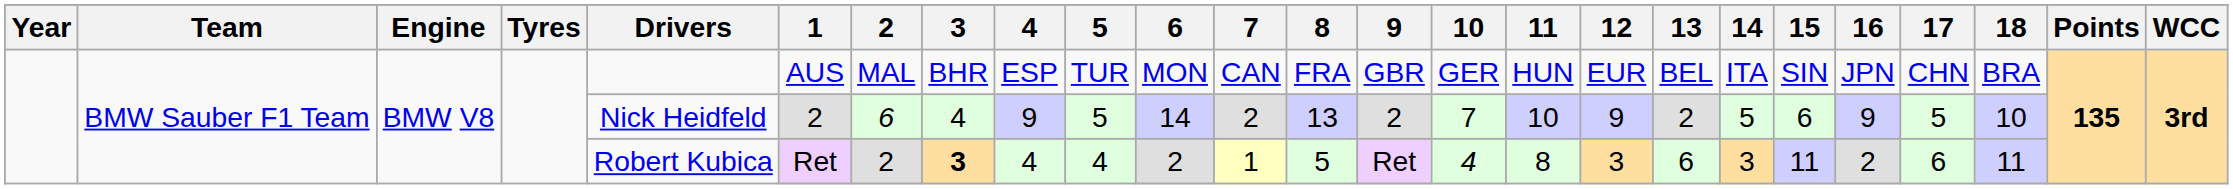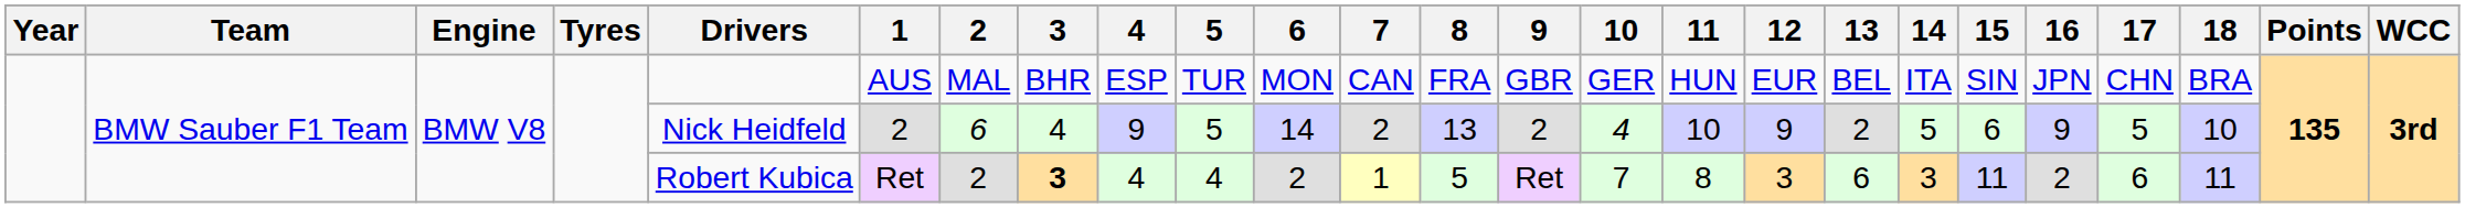 <table class="wikitable" style="text-align:center; font-size:95%">
 <tr>
 <th>Year</th>
 <th>Team</th>
 <th>Engine</th>
 <th>Tyres</th>
 <th>Drivers</th>
 <th>1</th>
 <th>2</th>
 <th>3</th>
 <th>4</th>
 <th>5</th>
 <th>6</th>
 <th>7</th>
 <th>8</th>
 <th>9</th>
 <th>10</th>
 <th>11</th>
 <th>12</th>
 <th>13</th>
 <th>14</th>
 <th>15</th>
 <th>16</th>
 <th>17</th>
 <th>18</th>
 <th>Points</th>
 <th>WCC</th>
 </tr>
 <tr>
 <td rowspan="3"></td>
 <td rowspan="3"><a href='#'>BMW Sauber F1 Team</a></td>
 <td rowspan="3"><a href='#'>BMW</a> <a href='#'>V8</a></td>
 <td rowspan="3"></td>
 <td></td>
 <td><a href='#'>AUS</a></td>
 <td><a href='#'>MAL</a></td>
 <td><a href='#'>BHR</a></td>
 <td><a href='#'>ESP</a></td>
 <td><a href='#'>TUR</a></td>
 <td><a href='#'>MON</a></td>
 <td><a href='#'>CAN</a></td>
 <td><a href='#'>FRA</a></td>
 <td><a href='#'>GBR</a></td>
 <td><a href='#'>GER</a></td>
 <td><a href='#'>HUN</a></td>
 <td><a href='#'>EUR</a></td>
 <td><a href='#'>BEL</a></td>
 <td><a href='#'>ITA</a></td>
 <td><a href='#'>SIN</a></td>
 <td><a href='#'>JPN</a></td>
 <td><a href='#'>CHN</a></td>
 <td><a href='#'>BRA</a></td>
 <td rowspan="3" style="background-color:#FFDF9F"><strong>135</strong></td>
 <td rowspan="3" style="background-color:#FFDF9F"><strong>3rd</strong></td>
 </tr>
 <tr>
 <td> <a href='#'>Nick Heidfeld</a></td>
 <td style="background-color:#DFDFDF">2</td>
 <td style="background-color:#DFFFDF"><em>6</em></td>
 <td style="background-color:#DFFFDF">4</td>
 <td style="background-color:#CFCFFF">9</td>
 <td style="background-color:#DFFFDF">5</td>
 <td style="background-color:#CFCFFF">14</td>
 <td style="background-color:#DFDFDF">2</td>
 <td style="background-color:#CFCFFF">13</td>
 <td style="background-color:#DFDFDF">2</td>
-<td style="background-color:#DFFFDF">7</td>
+<td style="background-color:#DFFFDF"><em>4</em></td>
 <td style="background-color:#CFCFFF">10</td>
 <td style="background-color:#CFCFFF">9</td>
 <td style="background-color:#DFDFDF">2</td>
 <td style="background-color:#DFFFDF">5</td>
 <td style="background-color:#DFFFDF">6</td>
 <td style="background-color:#CFCFFF">9</td>
 <td style="background-color:#DFFFDF">5</td>
 <td style="background-color:#CFCFFF">10</td>
 </tr>
 <tr>
 <td> <a href='#'>Robert Kubica</a></td>
 <td style="background-color:#EFCFFF">Ret</td>
 <td style="background-color:#DFDFDF">2</td>
 <td style="background-color:#FFDF9F"><strong>3</strong></td>
 <td style="background-color:#DFFFDF">4</td>
 <td style="background-color:#DFFFDF">4</td>
 <td style="background-color:#DFDFDF">2</td>
 <td style="background-color:#FFFFBF">1</td>
 <td style="background-color:#DFFFDF">5</td>
 <td style="background-color:#EFCFFF">Ret</td>
-<td style="background-color:#DFFFDF"><em>4</em></td>
+<td style="background-color:#DFFFDF">7</td>
 <td style="background-color:#DFFFDF">8</td>
 <td style="background-color:#FFDF9F">3</td>
 <td style="background-color:#DFFFDF">6</td>
 <td style="background-color:#FFDF9F">3</td>
 <td style="background-color:#CFCFFF">11</td>
 <td style="background-color:#DFDFDF">2</td>
 <td style="background-color:#DFFFDF">6</td>
 <td style="background-color:#CFCFFF">11</td>
 </tr>
 </table>
